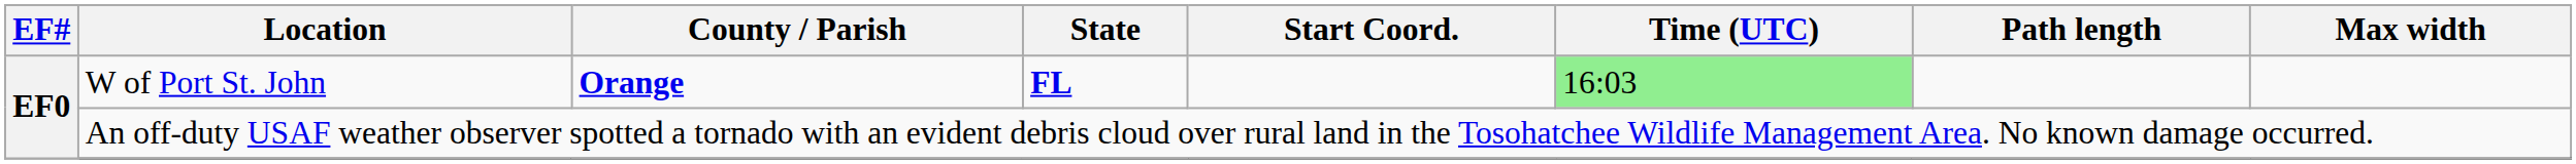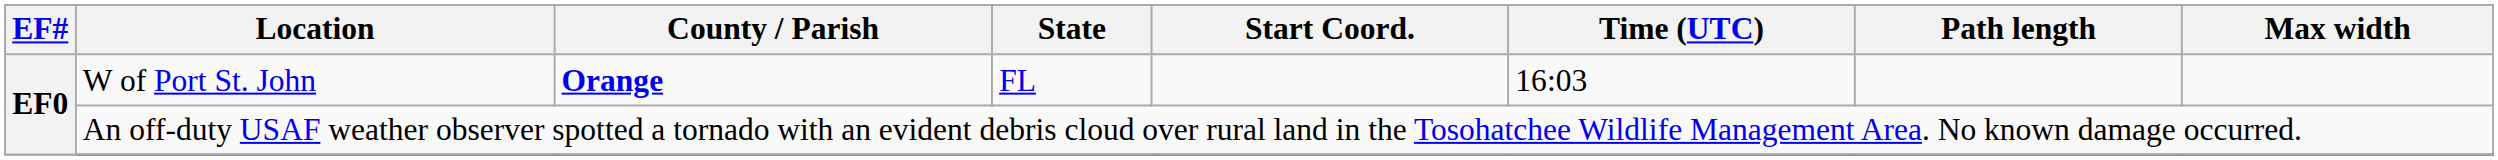 <table class="wikitable sortable" style="width:100%;">
 <tr>
 <th scope="col" width="2%" align="center"><a href='#'>EF#</a></th>
 <th scope="col" align="center" class="unsortable">Location</th>
 <th scope="col" align="center" class="unsortable">County / Parish</th>
 <th scope="col" align="center">State</th>
 <th scope="col" align="center">Start Coord.</th>
 <th scope="col" align="center">Time (<a href='#'>UTC</a>)</th>
 <th scope="col" align="center">Path length</th>
 <th scope="col" align="center">Max width</th>
 </tr>
 <tr>
 <th scope="row" rowspan="2" style="background-color:#">EF0</th>
 <td>W of <a href='#'>Port St. John</a></td>
 <td><strong><a href='#'>Orange</a></strong></td>
-<td><strong><a href='#'>FL</a></strong></td>
+<td><a href='#'>FL</a></td>
 <td></td>
-<td style="background: lightgreen;">16:03</td>
+<td>16:03</td>
 <td></td>
 <td></td>
 </tr>
 <tr class="expand-child">
 <td colspan="8" style=" border-bottom: 1px solid black;">An off-duty <a href='#'>USAF</a> weather observer spotted a tornado with an evident debris cloud over rural land in the <a href='#'>Tosohatchee Wildlife Management Area</a>. No known damage occurred.</td>
 </tr>
 <tr>
 </tr>
 </table>
